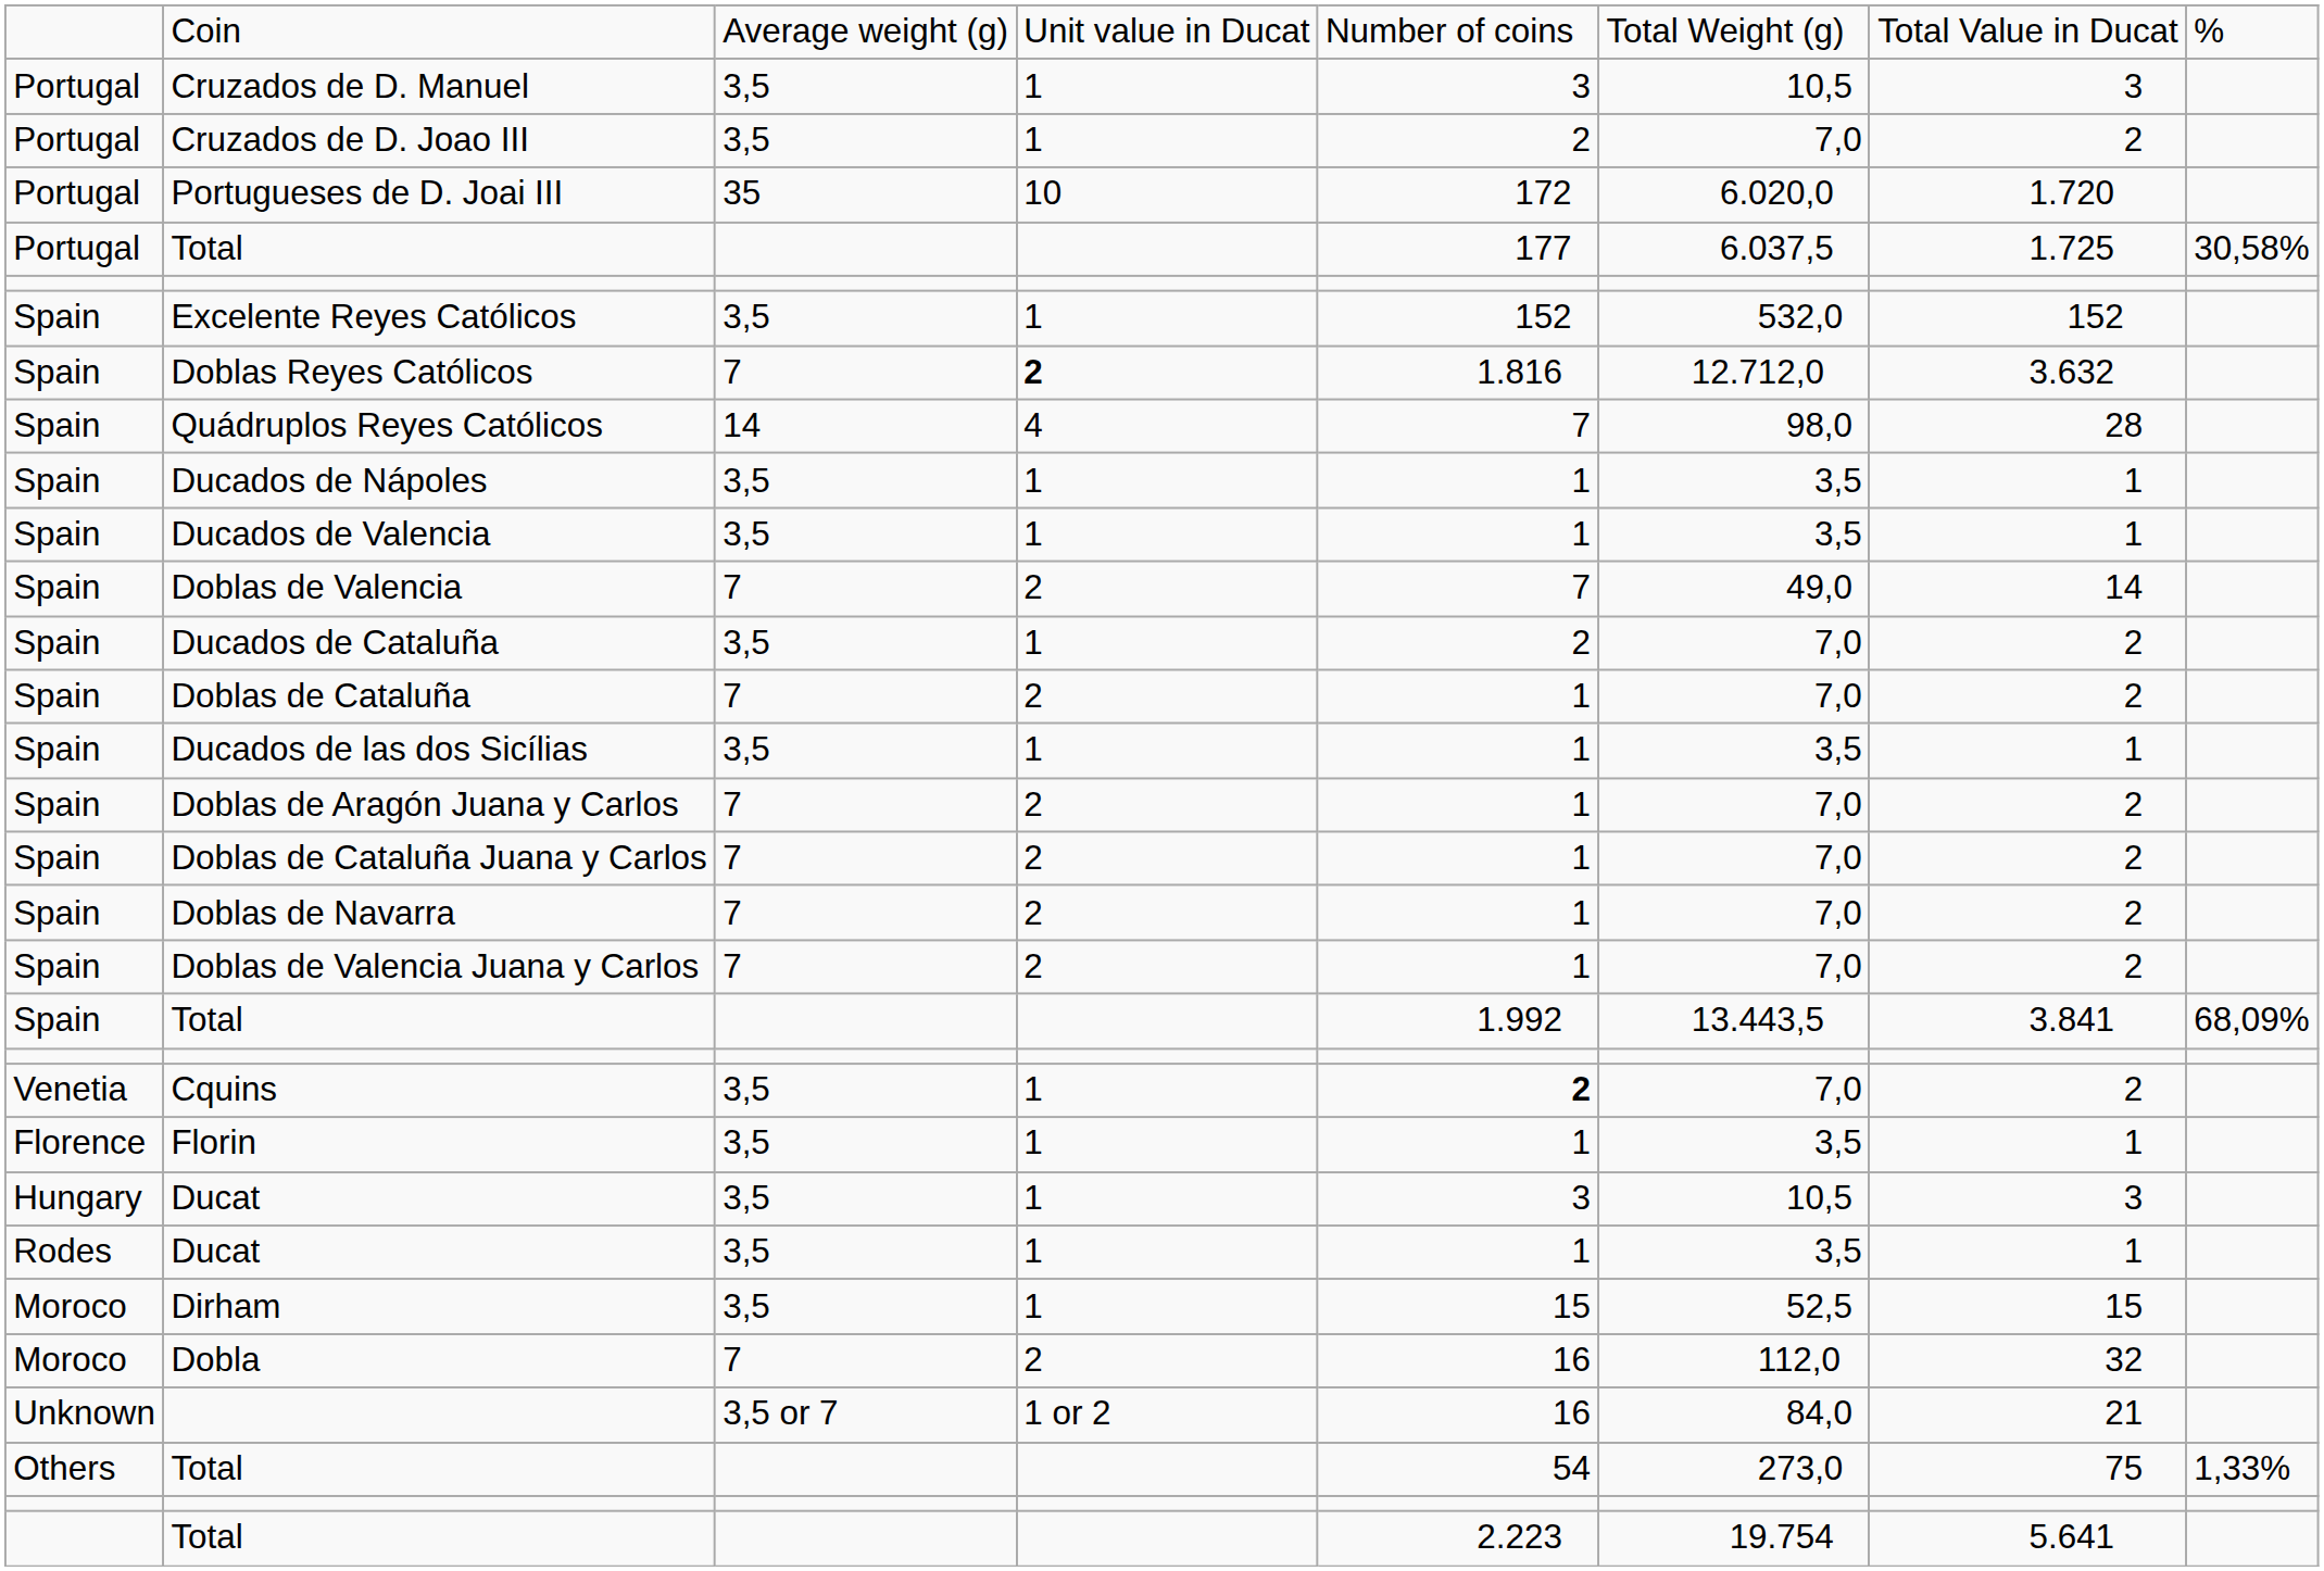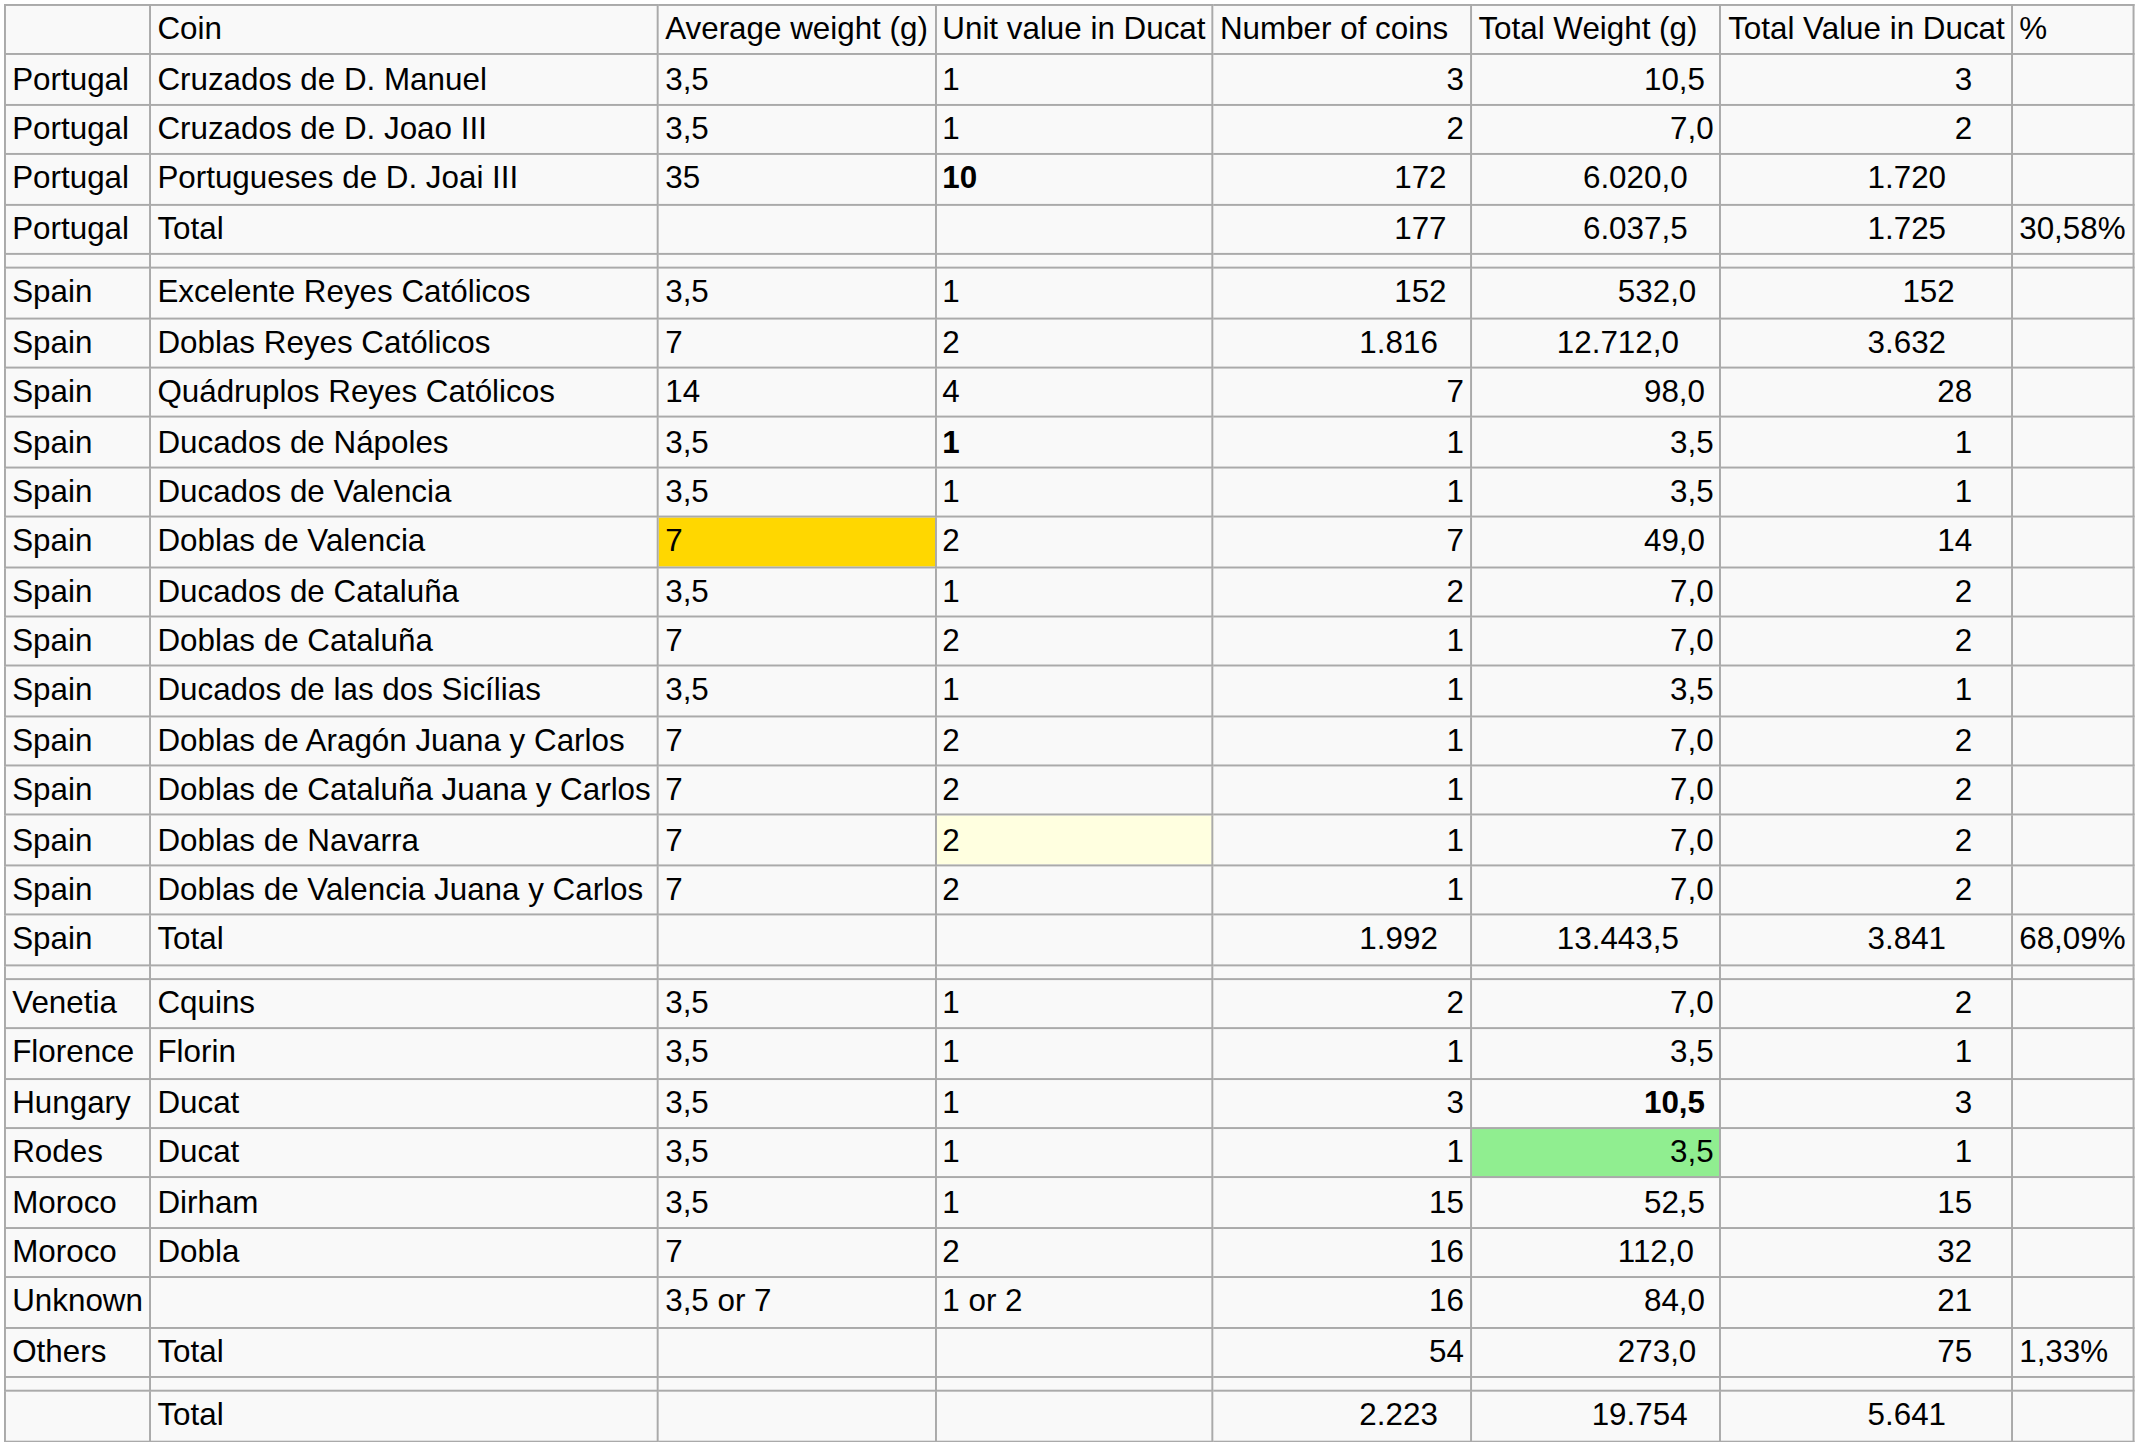 <table class="wikitable">
 <tr>
 <td></td>
 <td>Coin</td>
 <td>Average weight (g)</td>
 <td>Unit value in Ducat</td>
 <td>Number of coins</td>
 <td>Total Weight (g)</td>
 <td>Total Value in Ducat</td>
 <td>%</td>
 </tr>
 <tr>
 <td>Portugal</td>
 <td>Cruzados de D. Manuel</td>
 <td>3,5</td>
 <td>1</td>
 <td>                            3</td>
 <td>                   10,5</td>
 <td>                            3</td>
 <td></td>
 </tr>
 <tr>
 <td>Portugal</td>
 <td>Cruzados de D. Joao III</td>
 <td>3,5</td>
 <td>1</td>
 <td>                            2</td>
 <td>                       7,0</td>
 <td>                            2</td>
 <td></td>
 </tr>
 <tr>
 <td>Portugal</td>
 <td>Portugueses de D. Joai III</td>
 <td>35</td>
-<td>10</td>
+<td><strong>10</strong></td>
 <td>                      172</td>
 <td>            6.020,0</td>
 <td>                1.720</td>
 <td></td>
 </tr>
 <tr>
 <td>Portugal</td>
 <td>Total</td>
 <td></td>
 <td></td>
 <td>                      177</td>
 <td>            6.037,5</td>
 <td>                1.725</td>
 <td>30,58%</td>
 </tr>
 <tr>
 <td></td>
 <td></td>
 <td></td>
 <td></td>
 <td></td>
 <td></td>
 <td></td>
 <td></td>
 </tr>
 <tr>
 <td>Spain</td>
 <td>Excelente Reyes Católicos</td>
 <td>3,5</td>
 <td>1</td>
 <td>                      152</td>
 <td>                532,0</td>
 <td>                      152</td>
 <td></td>
 </tr>
 <tr>
 <td>Spain</td>
 <td>Doblas Reyes Católicos</td>
 <td>7</td>
-<td><strong>2</strong></td>
+<td>2</td>
 <td>                1.816</td>
 <td>         12.712,0</td>
 <td>                3.632</td>
 <td></td>
 </tr>
 <tr>
 <td>Spain</td>
 <td>Quádruplos Reyes Católicos</td>
 <td>14</td>
 <td>4</td>
 <td>                            7</td>
 <td>                   98,0</td>
 <td>                         28</td>
 <td></td>
 </tr>
 <tr>
 <td>Spain</td>
 <td>Ducados de Nápoles</td>
 <td>3,5</td>
-<td>1</td>
+<td><strong>1</strong></td>
 <td>                            1</td>
 <td>                       3,5</td>
 <td>                            1</td>
 <td></td>
 </tr>
 <tr>
 <td>Spain</td>
 <td>Ducados de Valencia</td>
 <td>3,5</td>
 <td>1</td>
 <td>                            1</td>
 <td>                       3,5</td>
 <td>                            1</td>
 <td></td>
 </tr>
 <tr>
 <td>Spain</td>
 <td>Doblas de Valencia</td>
-<td>7</td>
+<td style="background: gold;">7</td>
 <td>2</td>
 <td>                            7</td>
 <td>                   49,0</td>
 <td>                         14</td>
 <td></td>
 </tr>
 <tr>
 <td>Spain</td>
 <td>Ducados de Cataluña</td>
 <td>3,5</td>
 <td>1</td>
 <td>                            2</td>
 <td>                       7,0</td>
 <td>                            2</td>
 <td></td>
 </tr>
 <tr>
 <td>Spain</td>
 <td>Doblas de Cataluña</td>
 <td>7</td>
 <td>2</td>
 <td>                            1</td>
 <td>                       7,0</td>
 <td>                            2</td>
 <td></td>
 </tr>
 <tr>
 <td>Spain</td>
 <td>Ducados de las dos Sicílias</td>
 <td>3,5</td>
 <td>1</td>
 <td>                            1</td>
 <td>                       3,5</td>
 <td>                            1</td>
 <td></td>
 </tr>
 <tr>
 <td>Spain</td>
 <td>Doblas de Aragón Juana y Carlos</td>
 <td>7</td>
 <td>2</td>
 <td>                            1</td>
 <td>                       7,0</td>
 <td>                            2</td>
 <td></td>
 </tr>
 <tr>
 <td>Spain</td>
 <td>Doblas de Cataluña Juana y Carlos</td>
 <td>7</td>
 <td>2</td>
 <td>                            1</td>
 <td>                       7,0</td>
 <td>                            2</td>
 <td></td>
 </tr>
 <tr>
 <td>Spain</td>
 <td>Doblas de Navarra</td>
 <td>7</td>
-<td>2</td>
+<td style="background: lightyellow;">2</td>
 <td>                            1</td>
 <td>                       7,0</td>
 <td>                            2</td>
 <td></td>
 </tr>
 <tr>
 <td>Spain</td>
 <td>Doblas de Valencia Juana y Carlos</td>
 <td>7</td>
 <td>2</td>
 <td>                            1</td>
 <td>                       7,0</td>
 <td>                            2</td>
 <td></td>
 </tr>
 <tr>
 <td>Spain</td>
 <td>Total</td>
 <td></td>
 <td></td>
 <td>                1.992</td>
 <td>         13.443,5</td>
 <td>                3.841</td>
 <td>68,09%</td>
 </tr>
 <tr>
 <td></td>
 <td></td>
 <td></td>
 <td></td>
 <td></td>
 <td></td>
 <td></td>
 <td></td>
 </tr>
 <tr>
 <td>Venetia</td>
 <td>Cquins</td>
 <td>3,5</td>
 <td>1</td>
-<td><strong>                            2</strong></td>
+<td>                            2</td>
 <td>                       7,0</td>
 <td>                            2</td>
 <td></td>
 </tr>
 <tr>
 <td>Florence</td>
 <td>Florin</td>
 <td>3,5</td>
 <td>1</td>
 <td>                            1</td>
 <td>                       3,5</td>
 <td>                            1</td>
 <td></td>
 </tr>
 <tr>
 <td>Hungary</td>
 <td>Ducat</td>
 <td>3,5</td>
 <td>1</td>
 <td>                            3</td>
-<td>                   10,5</td>
+<td><strong>                   10,5</strong></td>
 <td>                            3</td>
 <td></td>
 </tr>
 <tr>
 <td>Rodes</td>
 <td>Ducat</td>
 <td>3,5</td>
 <td>1</td>
 <td>                            1</td>
-<td>                       3,5</td>
+<td style="background: lightgreen;">                       3,5</td>
 <td>                            1</td>
 <td></td>
 </tr>
 <tr>
 <td>Moroco</td>
 <td>Dirham</td>
 <td>3,5</td>
 <td>1</td>
 <td>                         15</td>
 <td>                   52,5</td>
 <td>                         15</td>
 <td></td>
 </tr>
 <tr>
 <td>Moroco</td>
 <td>Dobla</td>
 <td>7</td>
 <td>2</td>
 <td>                         16</td>
 <td>                112,0</td>
 <td>                         32</td>
 <td></td>
 </tr>
 <tr>
 <td>Unknown</td>
 <td></td>
 <td>3,5 or 7</td>
 <td>1 or 2</td>
 <td>                         16</td>
 <td>                   84,0</td>
 <td>                         21</td>
 <td></td>
 </tr>
 <tr>
 <td>Others</td>
 <td>Total</td>
 <td></td>
 <td></td>
 <td>                         54</td>
 <td>                273,0</td>
 <td>                         75</td>
 <td>1,33%</td>
 </tr>
 <tr>
 <td></td>
 <td></td>
 <td></td>
 <td></td>
 <td></td>
 <td></td>
 <td></td>
 <td></td>
 </tr>
 <tr>
 <td></td>
 <td>Total</td>
 <td></td>
 <td></td>
 <td>                2.223</td>
 <td>             19.754</td>
 <td>                5.641</td>
 <td></td>
 </tr>
 </table>
